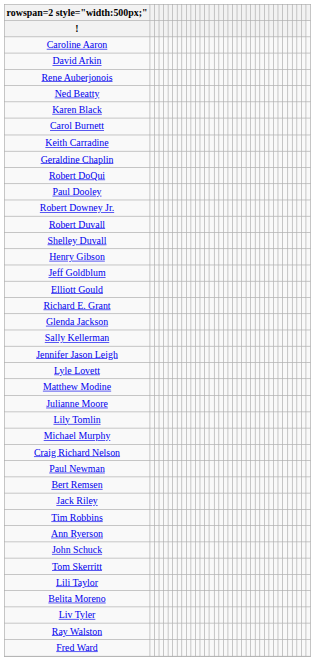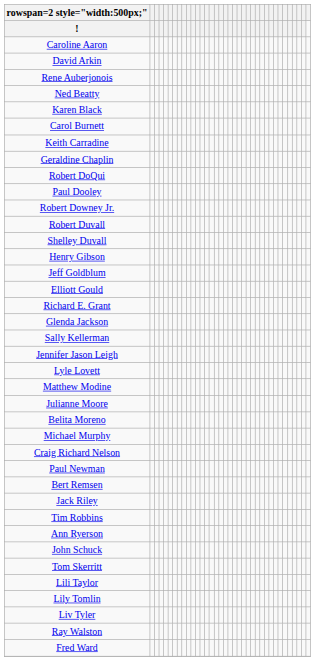 <table class="wikitable" style="text-align:center;font-size:95%;vertical-align:bottom;">
 <tr>
 <th>rowspan=2 style="width:500px;" </th>
 <th></th>
 <th></th>
 <th></th>
 <th></th>
 <th></th>
 <th></th>
 <th></th>
 <th></th>
 <th></th>
 <th></th>
 <th></th>
 <th></th>
 <th></th>
 <th></th>
 <th></th>
 <th></th>
 <th></th>
 <th></th>
 <th></th>
 <th></th>
 <th></th>
 <th></th>
 <th></th>
 <th></th>
 <th></th>
 <th></th>
 <th></th>
 <th></th>
 <th></th>
 <th></th>
 <th></th>
 <th></th>
 <th></th>
 <th></th>
 <th></th>
 </tr>
 <tr>
 <th>! </th>
 <th></th>
 <th></th>
 <th></th>
 <th></th>
 <th></th>
 <th></th>
 <th></th>
 <th></th>
 <th></th>
 <th></th>
 <th></th>
 <th></th>
 <th></th>
 <th></th>
 <th></th>
 <th></th>
 <th></th>
 <th></th>
 <th></th>
 <th></th>
 <th></th>
 <th></th>
 <th></th>
 <th></th>
 <th></th>
 <th></th>
 <th></th>
 <th></th>
 <th></th>
 <th></th>
 <th></th>
 <th></th>
 <th></th>
 <th></th>
 </tr>
 <tr>
 <td><a href='#'>Caroline Aaron</a></td>
 <td></td>
 <td></td>
 <td></td>
 <td></td>
 <td></td>
 <td></td>
 <td></td>
 <td></td>
 <td></td>
 <td></td>
 <td></td>
 <td></td>
 <td></td>
 <td></td>
 <td></td>
 <td></td>
 <td></td>
 <td></td>
 <td></td>
 <td></td>
 <td></td>
 <td></td>
 <td></td>
 <td></td>
 <td></td>
 <td></td>
 <td></td>
 <td></td>
 <td></td>
 <td></td>
 <td></td>
 <td></td>
 <td></td>
 <td></td>
 <td></td>
 </tr>
 <tr>
 <td><a href='#'>David Arkin</a></td>
 <td></td>
 <td></td>
 <td></td>
 <td></td>
 <td></td>
 <td></td>
 <td></td>
 <td></td>
 <td></td>
 <td></td>
 <td></td>
 <td></td>
 <td></td>
 <td></td>
 <td></td>
 <td></td>
 <td></td>
 <td></td>
 <td></td>
 <td></td>
 <td></td>
 <td></td>
 <td></td>
 <td></td>
 <td></td>
 <td></td>
 <td></td>
 <td></td>
 <td></td>
 <td></td>
 <td></td>
 <td></td>
 <td></td>
 <td></td>
 <td></td>
 </tr>
 <tr>
 <td><a href='#'>Rene Auberjonois</a></td>
 <td></td>
 <td></td>
 <td></td>
 <td></td>
 <td></td>
 <td></td>
 <td></td>
 <td></td>
 <td></td>
 <td></td>
 <td></td>
 <td></td>
 <td></td>
 <td></td>
 <td></td>
 <td></td>
 <td></td>
 <td></td>
 <td></td>
 <td></td>
 <td></td>
 <td></td>
 <td></td>
 <td></td>
 <td></td>
 <td></td>
 <td></td>
 <td></td>
 <td></td>
 <td></td>
 <td></td>
 <td></td>
 <td></td>
 <td></td>
 <td></td>
 </tr>
 <tr>
 <td><a href='#'>Ned Beatty</a></td>
 <td></td>
 <td></td>
 <td></td>
 <td></td>
 <td></td>
 <td></td>
 <td></td>
 <td></td>
 <td></td>
 <td></td>
 <td></td>
 <td></td>
 <td></td>
 <td></td>
 <td></td>
 <td></td>
 <td></td>
 <td></td>
 <td></td>
 <td></td>
 <td></td>
 <td></td>
 <td></td>
 <td></td>
 <td></td>
 <td></td>
 <td></td>
 <td></td>
 <td></td>
 <td></td>
 <td></td>
 <td></td>
 <td></td>
 <td></td>
 <td></td>
 </tr>
 <tr>
 <td><a href='#'>Karen Black</a></td>
 <td></td>
 <td></td>
 <td></td>
 <td></td>
 <td></td>
 <td></td>
 <td></td>
 <td></td>
 <td></td>
 <td></td>
 <td></td>
 <td></td>
 <td></td>
 <td></td>
 <td></td>
 <td></td>
 <td></td>
 <td></td>
 <td></td>
 <td></td>
 <td></td>
 <td></td>
 <td></td>
 <td></td>
 <td></td>
 <td></td>
 <td></td>
 <td></td>
 <td></td>
 <td></td>
 <td></td>
 <td></td>
 <td></td>
 <td></td>
 <td></td>
 </tr>
 <tr>
 <td><a href='#'>Carol Burnett</a></td>
 <td></td>
 <td></td>
 <td></td>
 <td></td>
 <td></td>
 <td></td>
 <td></td>
 <td></td>
 <td></td>
 <td></td>
 <td></td>
 <td></td>
 <td></td>
 <td></td>
 <td></td>
 <td></td>
 <td></td>
 <td></td>
 <td></td>
 <td></td>
 <td></td>
 <td></td>
 <td></td>
 <td></td>
 <td></td>
 <td></td>
 <td></td>
 <td></td>
 <td></td>
 <td></td>
 <td></td>
 <td></td>
 <td></td>
 <td></td>
 <td></td>
 </tr>
 <tr>
 <td><a href='#'>Keith Carradine</a></td>
 <td></td>
 <td></td>
 <td></td>
 <td></td>
 <td></td>
 <td></td>
 <td></td>
 <td></td>
 <td></td>
 <td></td>
 <td></td>
 <td></td>
 <td></td>
 <td></td>
 <td></td>
 <td></td>
 <td></td>
 <td></td>
 <td></td>
 <td></td>
 <td></td>
 <td></td>
 <td></td>
 <td></td>
 <td></td>
 <td></td>
 <td></td>
 <td></td>
 <td></td>
 <td></td>
 <td></td>
 <td></td>
 <td></td>
 <td></td>
 <td></td>
 </tr>
 <tr>
 <td><a href='#'>Geraldine Chaplin</a></td>
 <td></td>
 <td></td>
 <td></td>
 <td></td>
 <td></td>
 <td></td>
 <td></td>
 <td></td>
 <td></td>
 <td></td>
 <td></td>
 <td></td>
 <td></td>
 <td></td>
 <td></td>
 <td></td>
 <td></td>
 <td></td>
 <td></td>
 <td></td>
 <td></td>
 <td></td>
 <td></td>
 <td></td>
 <td></td>
 <td></td>
 <td></td>
 <td></td>
 <td></td>
 <td></td>
 <td></td>
 <td></td>
 <td></td>
 <td></td>
 <td></td>
 </tr>
 <tr>
 <td><a href='#'>Robert DoQui</a></td>
 <td></td>
 <td></td>
 <td></td>
 <td></td>
 <td></td>
 <td></td>
 <td></td>
 <td></td>
 <td></td>
 <td></td>
 <td></td>
 <td></td>
 <td></td>
 <td></td>
 <td></td>
 <td></td>
 <td></td>
 <td></td>
 <td></td>
 <td></td>
 <td></td>
 <td></td>
 <td></td>
 <td></td>
 <td></td>
 <td></td>
 <td></td>
 <td></td>
 <td></td>
 <td></td>
 <td></td>
 <td></td>
 <td></td>
 <td></td>
 <td></td>
 </tr>
 <tr>
 <td><a href='#'>Paul Dooley</a></td>
 <td></td>
 <td></td>
 <td></td>
 <td></td>
 <td></td>
 <td></td>
 <td></td>
 <td></td>
 <td></td>
 <td></td>
 <td></td>
 <td></td>
 <td></td>
 <td></td>
 <td></td>
 <td></td>
 <td></td>
 <td></td>
 <td></td>
 <td></td>
 <td></td>
 <td></td>
 <td></td>
 <td></td>
 <td></td>
 <td></td>
 <td></td>
 <td></td>
 <td></td>
 <td></td>
 <td></td>
 <td></td>
 <td></td>
 <td></td>
 <td></td>
 </tr>
 <tr>
 <td><a href='#'>Robert Downey Jr.</a></td>
 <td></td>
 <td></td>
 <td></td>
 <td></td>
 <td></td>
 <td></td>
 <td></td>
 <td></td>
 <td></td>
 <td></td>
 <td></td>
 <td></td>
 <td></td>
 <td></td>
 <td></td>
 <td></td>
 <td></td>
 <td></td>
 <td></td>
 <td></td>
 <td></td>
 <td></td>
 <td></td>
 <td></td>
 <td></td>
 <td></td>
 <td></td>
 <td></td>
 <td></td>
 <td></td>
 <td></td>
 <td></td>
 <td></td>
 <td></td>
 <td></td>
 </tr>
 <tr>
 <td><a href='#'>Robert Duvall</a></td>
 <td></td>
 <td></td>
 <td></td>
 <td></td>
 <td></td>
 <td></td>
 <td></td>
 <td></td>
 <td></td>
 <td></td>
 <td></td>
 <td></td>
 <td></td>
 <td></td>
 <td></td>
 <td></td>
 <td></td>
 <td></td>
 <td></td>
 <td></td>
 <td></td>
 <td></td>
 <td></td>
 <td></td>
 <td></td>
 <td></td>
 <td></td>
 <td></td>
 <td></td>
 <td></td>
 <td></td>
 <td></td>
 <td></td>
 <td></td>
 <td></td>
 </tr>
 <tr>
 <td><a href='#'>Shelley Duvall</a></td>
 <td></td>
 <td></td>
 <td></td>
 <td></td>
 <td></td>
 <td></td>
 <td></td>
 <td></td>
 <td></td>
 <td></td>
 <td></td>
 <td></td>
 <td></td>
 <td></td>
 <td></td>
 <td></td>
 <td></td>
 <td></td>
 <td></td>
 <td></td>
 <td></td>
 <td></td>
 <td></td>
 <td></td>
 <td></td>
 <td></td>
 <td></td>
 <td></td>
 <td></td>
 <td></td>
 <td></td>
 <td></td>
 <td></td>
 <td></td>
 <td></td>
 </tr>
 <tr>
 <td><a href='#'>Henry Gibson</a></td>
 <td></td>
 <td></td>
 <td></td>
 <td></td>
 <td></td>
 <td></td>
 <td></td>
 <td></td>
 <td></td>
 <td></td>
 <td></td>
 <td></td>
 <td></td>
 <td></td>
 <td></td>
 <td></td>
 <td></td>
 <td></td>
 <td></td>
 <td></td>
 <td></td>
 <td></td>
 <td></td>
 <td></td>
 <td></td>
 <td></td>
 <td></td>
 <td></td>
 <td></td>
 <td></td>
 <td></td>
 <td></td>
 <td></td>
 <td></td>
 <td></td>
 </tr>
 <tr>
 <td><a href='#'>Jeff Goldblum</a></td>
 <td></td>
 <td></td>
 <td></td>
 <td></td>
 <td></td>
 <td></td>
 <td></td>
 <td></td>
 <td></td>
 <td></td>
 <td></td>
 <td></td>
 <td></td>
 <td></td>
 <td></td>
 <td></td>
 <td></td>
 <td></td>
 <td></td>
 <td></td>
 <td></td>
 <td></td>
 <td></td>
 <td></td>
 <td></td>
 <td></td>
 <td></td>
 <td></td>
 <td></td>
 <td></td>
 <td></td>
 <td></td>
 <td></td>
 <td></td>
 <td></td>
 </tr>
 <tr>
 <td><a href='#'>Elliott Gould</a></td>
 <td></td>
 <td></td>
 <td></td>
 <td></td>
 <td></td>
 <td></td>
 <td></td>
 <td></td>
 <td></td>
 <td></td>
 <td></td>
 <td></td>
 <td></td>
 <td></td>
 <td></td>
 <td></td>
 <td></td>
 <td></td>
 <td></td>
 <td></td>
 <td></td>
 <td></td>
 <td></td>
 <td></td>
 <td></td>
 <td></td>
 <td></td>
 <td></td>
 <td></td>
 <td></td>
 <td></td>
 <td></td>
 <td></td>
 <td></td>
 <td></td>
 </tr>
 <tr>
 <td><a href='#'>Richard E. Grant</a></td>
 <td></td>
 <td></td>
 <td></td>
 <td></td>
 <td></td>
 <td></td>
 <td></td>
 <td></td>
 <td></td>
 <td></td>
 <td></td>
 <td></td>
 <td></td>
 <td></td>
 <td></td>
 <td></td>
 <td></td>
 <td></td>
 <td></td>
 <td></td>
 <td></td>
 <td></td>
 <td></td>
 <td></td>
 <td></td>
 <td></td>
 <td></td>
 <td></td>
 <td></td>
 <td></td>
 <td></td>
 <td></td>
 <td></td>
 <td></td>
 <td></td>
 </tr>
 <tr>
 <td><a href='#'>Glenda Jackson</a></td>
 <td></td>
 <td></td>
 <td></td>
 <td></td>
 <td></td>
 <td></td>
 <td></td>
 <td></td>
 <td></td>
 <td></td>
 <td></td>
 <td></td>
 <td></td>
 <td></td>
 <td></td>
 <td></td>
 <td></td>
 <td></td>
 <td></td>
 <td></td>
 <td></td>
 <td></td>
 <td></td>
 <td></td>
 <td></td>
 <td></td>
 <td></td>
 <td></td>
 <td></td>
 <td></td>
 <td></td>
 <td></td>
 <td></td>
 <td></td>
 <td></td>
 </tr>
 <tr>
 <td><a href='#'>Sally Kellerman</a></td>
 <td></td>
 <td></td>
 <td></td>
 <td></td>
 <td></td>
 <td></td>
 <td></td>
 <td></td>
 <td></td>
 <td></td>
 <td></td>
 <td></td>
 <td></td>
 <td></td>
 <td></td>
 <td></td>
 <td></td>
 <td></td>
 <td></td>
 <td></td>
 <td></td>
 <td></td>
 <td></td>
 <td></td>
 <td></td>
 <td></td>
 <td></td>
 <td></td>
 <td></td>
 <td></td>
 <td></td>
 <td></td>
 <td></td>
 <td></td>
 <td></td>
 </tr>
 <tr>
 <td><a href='#'>Jennifer Jason Leigh</a></td>
 <td></td>
 <td></td>
 <td></td>
 <td></td>
 <td></td>
 <td></td>
 <td></td>
 <td></td>
 <td></td>
 <td></td>
 <td></td>
 <td></td>
 <td></td>
 <td></td>
 <td></td>
 <td></td>
 <td></td>
 <td></td>
 <td></td>
 <td></td>
 <td></td>
 <td></td>
 <td></td>
 <td></td>
 <td></td>
 <td></td>
 <td></td>
 <td></td>
 <td></td>
 <td></td>
 <td></td>
 <td></td>
 <td></td>
 <td></td>
 <td></td>
 </tr>
 <tr>
 <td><a href='#'>Lyle Lovett</a></td>
 <td></td>
 <td></td>
 <td></td>
 <td></td>
 <td></td>
 <td></td>
 <td></td>
 <td></td>
 <td></td>
 <td></td>
 <td></td>
 <td></td>
 <td></td>
 <td></td>
 <td></td>
 <td></td>
 <td></td>
 <td></td>
 <td></td>
 <td></td>
 <td></td>
 <td></td>
 <td></td>
 <td></td>
 <td></td>
 <td></td>
 <td></td>
 <td></td>
 <td></td>
 <td></td>
 <td></td>
 <td></td>
 <td></td>
 <td></td>
 <td></td>
 </tr>
 <tr>
 <td><a href='#'>Matthew Modine</a></td>
 <td></td>
 <td></td>
 <td></td>
 <td></td>
 <td></td>
 <td></td>
 <td></td>
 <td></td>
 <td></td>
 <td></td>
 <td></td>
 <td></td>
 <td></td>
 <td></td>
 <td></td>
 <td></td>
 <td></td>
 <td></td>
 <td></td>
 <td></td>
 <td></td>
 <td></td>
 <td></td>
 <td></td>
 <td></td>
 <td></td>
 <td></td>
 <td></td>
 <td></td>
 <td></td>
 <td></td>
 <td></td>
 <td></td>
 <td></td>
 <td></td>
 </tr>
 <tr>
 <td><a href='#'>Julianne Moore</a></td>
 <td></td>
 <td></td>
 <td></td>
 <td></td>
 <td></td>
 <td></td>
 <td></td>
 <td></td>
 <td></td>
 <td></td>
 <td></td>
 <td></td>
 <td></td>
 <td></td>
 <td></td>
 <td></td>
 <td></td>
 <td></td>
 <td></td>
 <td></td>
 <td></td>
 <td></td>
 <td></td>
 <td></td>
 <td></td>
 <td></td>
 <td></td>
 <td></td>
 <td></td>
 <td></td>
 <td></td>
 <td></td>
 <td></td>
 <td></td>
 <td></td>
 </tr>
 <tr>
-<td><a href='#'>Lily Tomlin</a></td>
+<td><a href='#'>Belita Moreno</a></td>
 <td></td>
 <td></td>
 <td></td>
 <td></td>
 <td></td>
 <td></td>
 <td></td>
 <td></td>
 <td></td>
 <td></td>
 <td></td>
 <td></td>
 <td></td>
 <td></td>
 <td></td>
 <td></td>
 <td></td>
 <td></td>
 <td></td>
 <td></td>
 <td></td>
 <td></td>
 <td></td>
 <td></td>
 <td></td>
 <td></td>
 <td></td>
 <td></td>
 <td></td>
 <td></td>
 <td></td>
 <td></td>
 <td></td>
 <td></td>
 <td></td>
 </tr>
 <tr>
 <td><a href='#'>Michael Murphy</a></td>
 <td></td>
 <td></td>
 <td></td>
 <td></td>
 <td></td>
 <td></td>
 <td></td>
 <td></td>
 <td></td>
 <td></td>
 <td></td>
 <td></td>
 <td></td>
 <td></td>
 <td></td>
 <td></td>
 <td></td>
 <td></td>
 <td></td>
 <td></td>
 <td></td>
 <td></td>
 <td></td>
 <td></td>
 <td></td>
 <td></td>
 <td></td>
 <td></td>
 <td></td>
 <td></td>
 <td></td>
 <td></td>
 <td></td>
 <td></td>
 <td></td>
 </tr>
 <tr>
 <td><a href='#'>Craig Richard Nelson</a></td>
 <td></td>
 <td></td>
 <td></td>
 <td></td>
 <td></td>
 <td></td>
 <td></td>
 <td></td>
 <td></td>
 <td></td>
 <td></td>
 <td></td>
 <td></td>
 <td></td>
 <td></td>
 <td></td>
 <td></td>
 <td></td>
 <td></td>
 <td></td>
 <td></td>
 <td></td>
 <td></td>
 <td></td>
 <td></td>
 <td></td>
 <td></td>
 <td></td>
 <td></td>
 <td></td>
 <td></td>
 <td></td>
 <td></td>
 <td></td>
 <td></td>
 </tr>
 <tr>
 <td><a href='#'>Paul Newman</a></td>
 <td></td>
 <td></td>
 <td></td>
 <td></td>
 <td></td>
 <td></td>
 <td></td>
 <td></td>
 <td></td>
 <td></td>
 <td></td>
 <td></td>
 <td></td>
 <td></td>
 <td></td>
 <td></td>
 <td></td>
 <td></td>
 <td></td>
 <td></td>
 <td></td>
 <td></td>
 <td></td>
 <td></td>
 <td></td>
 <td></td>
 <td></td>
 <td></td>
 <td></td>
 <td></td>
 <td></td>
 <td></td>
 <td></td>
 <td></td>
 <td></td>
 </tr>
 <tr>
 <td><a href='#'>Bert Remsen</a></td>
 <td></td>
 <td></td>
 <td></td>
 <td></td>
 <td></td>
 <td></td>
 <td></td>
 <td></td>
 <td></td>
 <td></td>
 <td></td>
 <td></td>
 <td></td>
 <td></td>
 <td></td>
 <td></td>
 <td></td>
 <td></td>
 <td></td>
 <td></td>
 <td></td>
 <td></td>
 <td></td>
 <td></td>
 <td></td>
 <td></td>
 <td></td>
 <td></td>
 <td></td>
 <td></td>
 <td></td>
 <td></td>
 <td></td>
 <td></td>
 <td></td>
 </tr>
 <tr>
 <td><a href='#'>Jack Riley</a></td>
 <td></td>
 <td></td>
 <td></td>
 <td></td>
 <td></td>
 <td></td>
 <td></td>
 <td></td>
 <td></td>
 <td></td>
 <td></td>
 <td></td>
 <td></td>
 <td></td>
 <td></td>
 <td></td>
 <td></td>
 <td></td>
 <td></td>
 <td></td>
 <td></td>
 <td></td>
 <td></td>
 <td></td>
 <td></td>
 <td></td>
 <td></td>
 <td></td>
 <td></td>
 <td></td>
 <td></td>
 <td></td>
 <td></td>
 <td></td>
 <td></td>
 </tr>
 <tr>
 <td><a href='#'>Tim Robbins</a></td>
 <td></td>
 <td></td>
 <td></td>
 <td></td>
 <td></td>
 <td></td>
 <td></td>
 <td></td>
 <td></td>
 <td></td>
 <td></td>
 <td></td>
 <td></td>
 <td></td>
 <td></td>
 <td></td>
 <td></td>
 <td></td>
 <td></td>
 <td></td>
 <td></td>
 <td></td>
 <td></td>
 <td></td>
 <td></td>
 <td></td>
 <td></td>
 <td></td>
 <td></td>
 <td></td>
 <td></td>
 <td></td>
 <td></td>
 <td></td>
 <td></td>
 </tr>
 <tr>
 <td><a href='#'>Ann Ryerson</a></td>
 <td></td>
 <td></td>
 <td></td>
 <td></td>
 <td></td>
 <td></td>
 <td></td>
 <td></td>
 <td></td>
 <td></td>
 <td></td>
 <td></td>
 <td></td>
 <td></td>
 <td></td>
 <td></td>
 <td></td>
 <td></td>
 <td></td>
 <td></td>
 <td></td>
 <td></td>
 <td></td>
 <td></td>
 <td></td>
 <td></td>
 <td></td>
 <td></td>
 <td></td>
 <td></td>
 <td></td>
 <td></td>
 <td></td>
 <td></td>
 <td></td>
 </tr>
 <tr>
 <td><a href='#'>John Schuck</a></td>
 <td></td>
 <td></td>
 <td></td>
 <td></td>
 <td></td>
 <td></td>
 <td></td>
 <td></td>
 <td></td>
 <td></td>
 <td></td>
 <td></td>
 <td></td>
 <td></td>
 <td></td>
 <td></td>
 <td></td>
 <td></td>
 <td></td>
 <td></td>
 <td></td>
 <td></td>
 <td></td>
 <td></td>
 <td></td>
 <td></td>
 <td></td>
 <td></td>
 <td></td>
 <td></td>
 <td></td>
 <td></td>
 <td></td>
 <td></td>
 <td></td>
 </tr>
 <tr>
 <td><a href='#'>Tom Skerritt</a></td>
 <td></td>
 <td></td>
 <td></td>
 <td></td>
 <td></td>
 <td></td>
 <td></td>
 <td></td>
 <td></td>
 <td></td>
 <td></td>
 <td></td>
 <td></td>
 <td></td>
 <td></td>
 <td></td>
 <td></td>
 <td></td>
 <td></td>
 <td></td>
 <td></td>
 <td></td>
 <td></td>
 <td></td>
 <td></td>
 <td></td>
 <td></td>
 <td></td>
 <td></td>
 <td></td>
 <td></td>
 <td></td>
 <td></td>
 <td></td>
 <td></td>
 </tr>
 <tr>
 <td><a href='#'>Lili Taylor</a></td>
 <td></td>
 <td></td>
 <td></td>
 <td></td>
 <td></td>
 <td></td>
 <td></td>
 <td></td>
 <td></td>
 <td></td>
 <td></td>
 <td></td>
 <td></td>
 <td></td>
 <td></td>
 <td></td>
 <td></td>
 <td></td>
 <td></td>
 <td></td>
 <td></td>
 <td></td>
 <td></td>
 <td></td>
 <td></td>
 <td></td>
 <td></td>
 <td></td>
 <td></td>
 <td></td>
 <td></td>
 <td></td>
 <td></td>
 <td></td>
 <td></td>
 </tr>
 <tr>
-<td><a href='#'>Belita Moreno</a></td>
+<td><a href='#'>Lily Tomlin</a></td>
 <td></td>
 <td></td>
 <td></td>
 <td></td>
 <td></td>
 <td></td>
 <td></td>
 <td></td>
 <td></td>
 <td></td>
 <td></td>
 <td></td>
 <td></td>
 <td></td>
 <td></td>
 <td></td>
 <td></td>
 <td></td>
 <td></td>
 <td></td>
 <td></td>
 <td></td>
 <td></td>
 <td></td>
 <td></td>
 <td></td>
 <td></td>
 <td></td>
 <td></td>
 <td></td>
 <td></td>
 <td></td>
 <td></td>
 <td></td>
 <td></td>
 </tr>
 <tr>
 <td><a href='#'>Liv Tyler</a></td>
 <td></td>
 <td></td>
 <td></td>
 <td></td>
 <td></td>
 <td></td>
 <td></td>
 <td></td>
 <td></td>
 <td></td>
 <td></td>
 <td></td>
 <td></td>
 <td></td>
 <td></td>
 <td></td>
 <td></td>
 <td></td>
 <td></td>
 <td></td>
 <td></td>
 <td></td>
 <td></td>
 <td></td>
 <td></td>
 <td></td>
 <td></td>
 <td></td>
 <td></td>
 <td></td>
 <td></td>
 <td></td>
 <td></td>
 <td></td>
 <td></td>
 </tr>
 <tr>
 <td><a href='#'>Ray Walston</a></td>
 <td></td>
 <td></td>
 <td></td>
 <td></td>
 <td></td>
 <td></td>
 <td></td>
 <td></td>
 <td></td>
 <td></td>
 <td></td>
 <td></td>
 <td></td>
 <td></td>
 <td></td>
 <td></td>
 <td></td>
 <td></td>
 <td></td>
 <td></td>
 <td></td>
 <td></td>
 <td></td>
 <td></td>
 <td></td>
 <td></td>
 <td></td>
 <td></td>
 <td></td>
 <td></td>
 <td></td>
 <td></td>
 <td></td>
 <td></td>
 <td></td>
 </tr>
 <tr>
 <td><a href='#'>Fred Ward</a></td>
 <td></td>
 <td></td>
 <td></td>
 <td></td>
 <td></td>
 <td></td>
 <td></td>
 <td></td>
 <td></td>
 <td></td>
 <td></td>
 <td></td>
 <td></td>
 <td></td>
 <td></td>
 <td></td>
 <td></td>
 <td></td>
 <td></td>
 <td></td>
 <td></td>
 <td></td>
 <td></td>
 <td></td>
 <td></td>
 <td></td>
 <td></td>
 <td></td>
 <td></td>
 <td></td>
 <td></td>
 <td></td>
 <td></td>
 <td></td>
 <td></td>
 </tr>
 <tr>
 </tr>
 </table>
